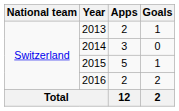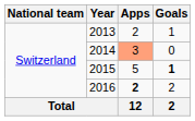 <table class="wikitable" style="text-align:center">
 <tr>
 <th>National team</th>
 <th>Year</th>
 <th>Apps</th>
 <th>Goals</th>
 </tr>
 <tr>
 <td rowspan="4"><a href='#'>Switzerland</a></td>
 <td>2013</td>
 <td>2</td>
 <td>1</td>
 </tr>
 <tr>
 <td>2014</td>
-<td>3</td>
+<td style="background: lightsalmon;">3</td>
 <td>0</td>
 </tr>
 <tr>
 <td>2015</td>
 <td>5</td>
-<td>1</td>
+<td><strong>1</strong></td>
 </tr>
 <tr>
 <td>2016</td>
-<td>2</td>
+<td><strong>2</strong></td>
 <td>2</td>
 </tr>
 <tr>
 <th colspan="2">Total</th>
 <th>12</th>
 <th>2</th>
 </tr>
 </table>
